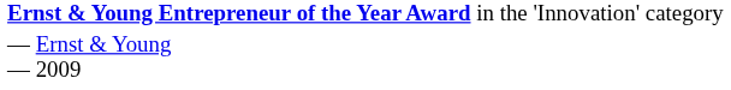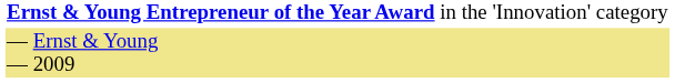 <table>
 <tr>
 <td rowspan=2 style="width:60px; vertical-align:top;"></td>
 <td><strong><a href='#'>Ernst & Young Entrepreneur of the Year Award</a></strong> in the 'Innovation' category</td>
 </tr>
 <tr>
-<td>— <a href='#'>Ernst & Young</a><br>— 2009 </td>
+<td style="background: khaki;">— <a href='#'>Ernst & Young</a><br>— 2009 </td>
 </tr>
 </table>
